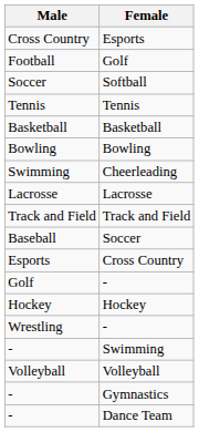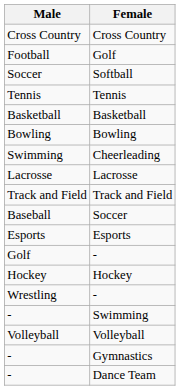 <table class="wikitable">
 <tr>
 <th>Male</th>
 <th>Female</th>
 </tr>
 <tr>
 <td>Cross Country</td>
-<td>Esports</td>
+<td>Cross Country</td>
 </tr>
 <tr>
 <td>Football</td>
 <td>Golf</td>
 </tr>
 <tr>
 <td>Soccer</td>
 <td>Softball</td>
 </tr>
 <tr>
 <td>Tennis</td>
 <td>Tennis</td>
 </tr>
 <tr>
 <td>Basketball</td>
 <td>Basketball</td>
 </tr>
 <tr>
 <td>Bowling</td>
 <td>Bowling</td>
 </tr>
 <tr>
 <td>Swimming</td>
 <td>Cheerleading</td>
 </tr>
 <tr>
 <td>Lacrosse</td>
 <td>Lacrosse</td>
 </tr>
 <tr>
 <td>Track and Field</td>
 <td>Track and Field</td>
 </tr>
 <tr>
 <td>Baseball</td>
 <td>Soccer</td>
 </tr>
 <tr>
 <td>Esports</td>
-<td>Cross Country</td>
+<td>Esports</td>
 </tr>
 <tr>
 <td>Golf</td>
 <td>-</td>
 </tr>
 <tr>
 <td>Hockey</td>
 <td>Hockey</td>
 </tr>
 <tr>
 <td>Wrestling</td>
 <td>-</td>
 </tr>
 <tr>
 <td>-</td>
 <td>Swimming</td>
 </tr>
 <tr>
 <td>Volleyball</td>
 <td>Volleyball</td>
 </tr>
 <tr>
 <td>-</td>
 <td>Gymnastics</td>
 </tr>
 <tr>
 <td>-</td>
 <td>Dance Team</td>
 </tr>
 </table>
